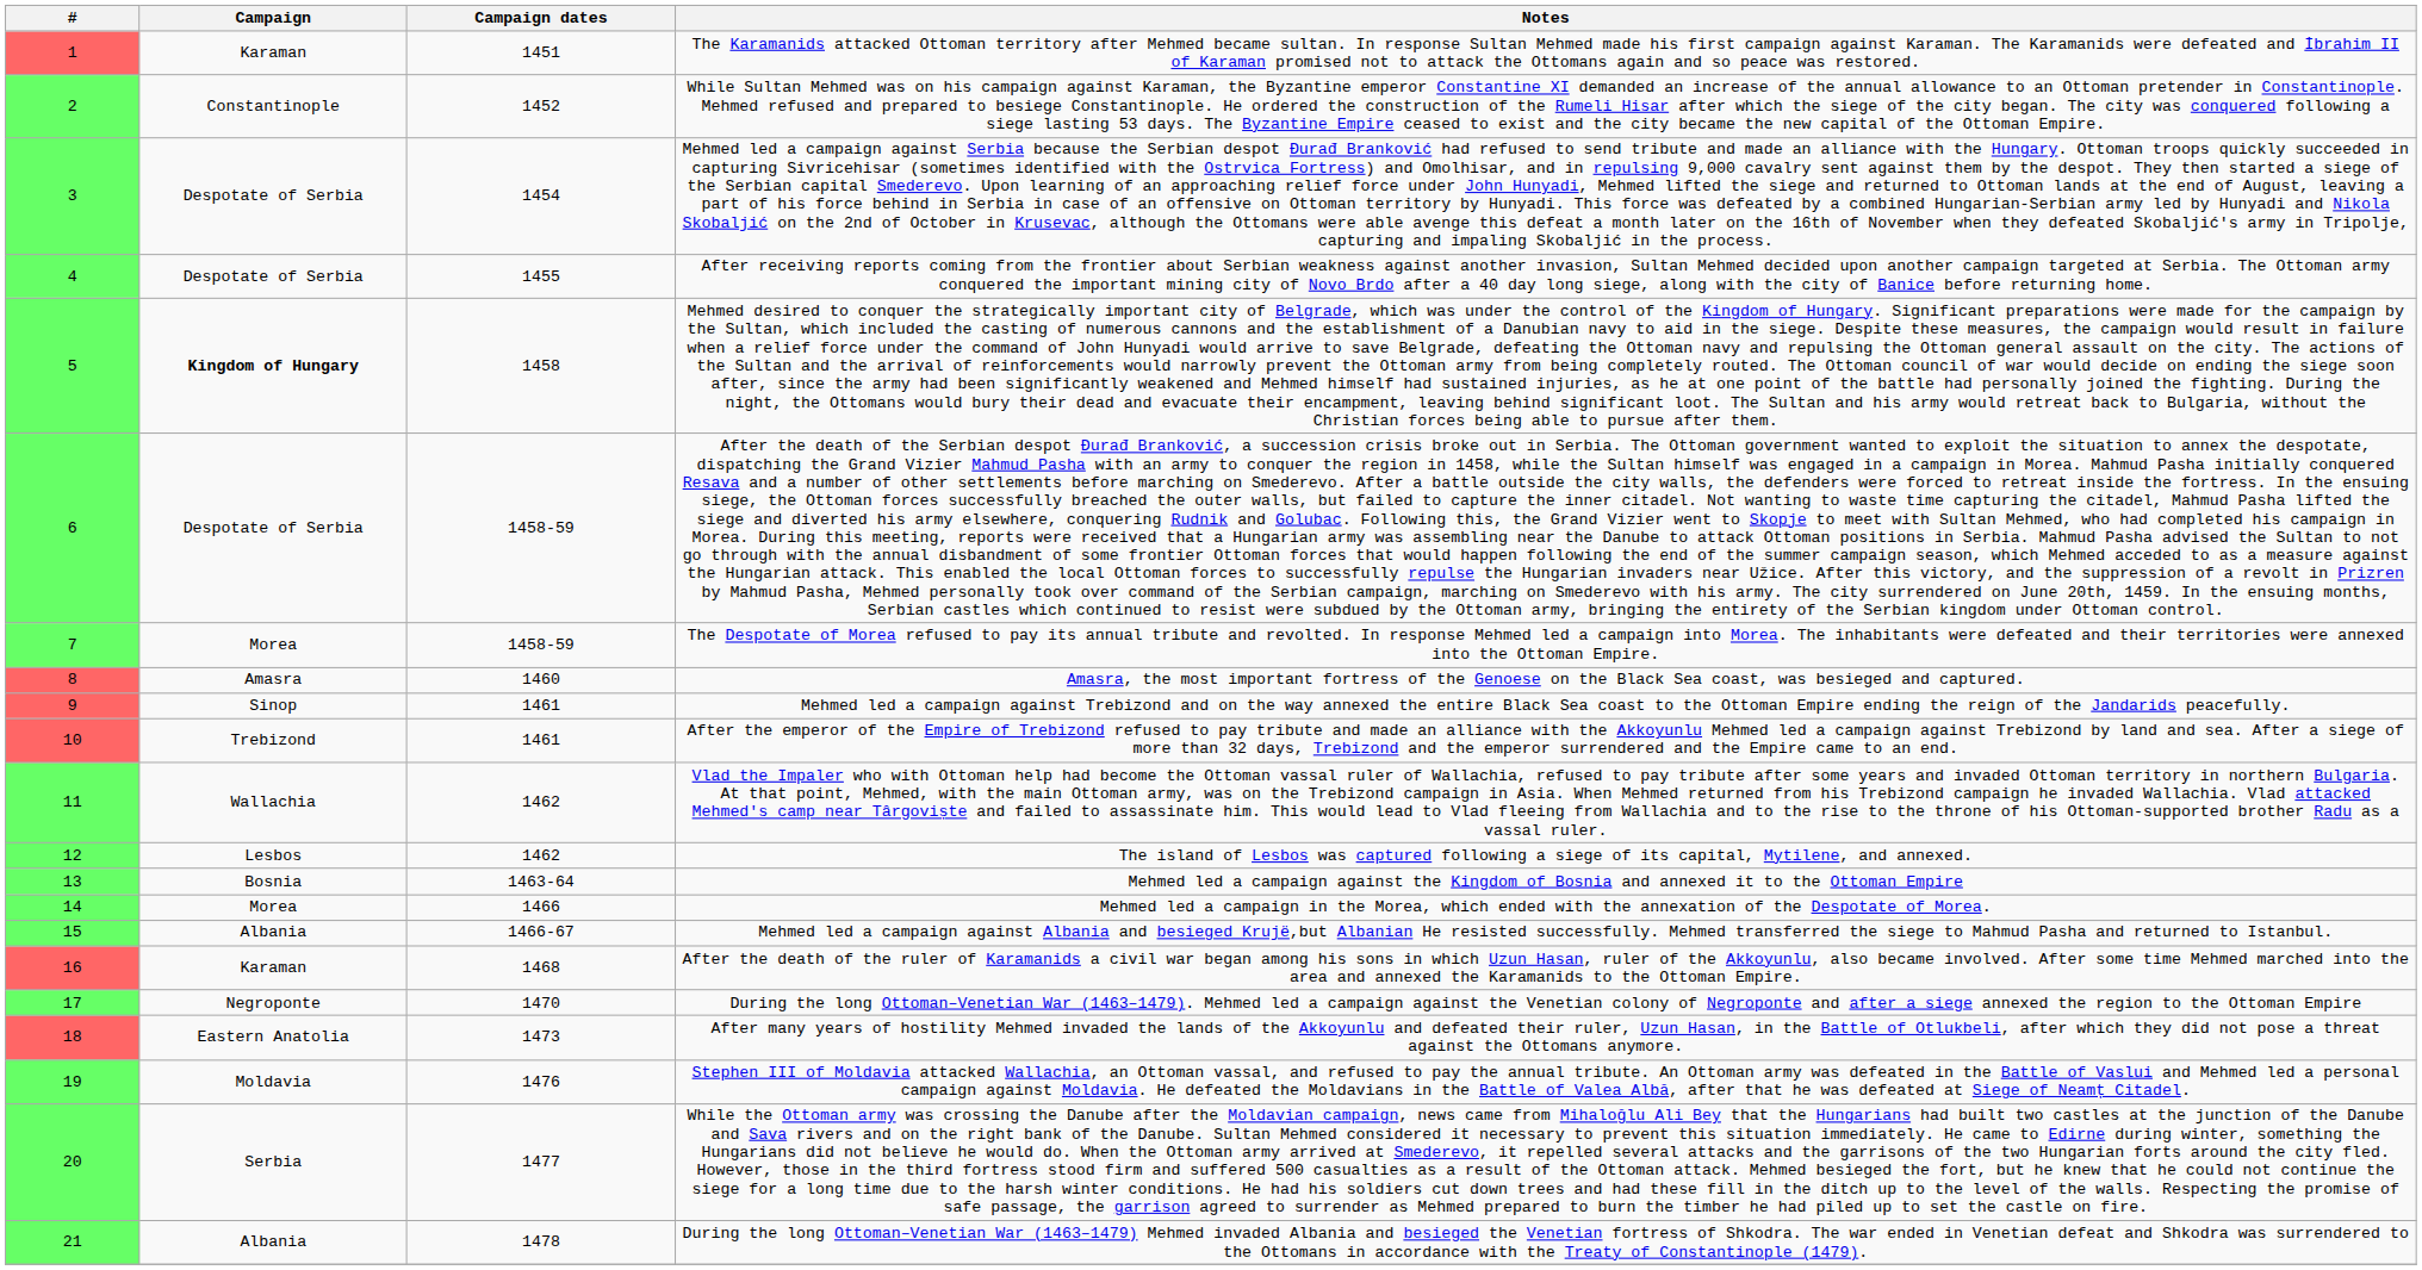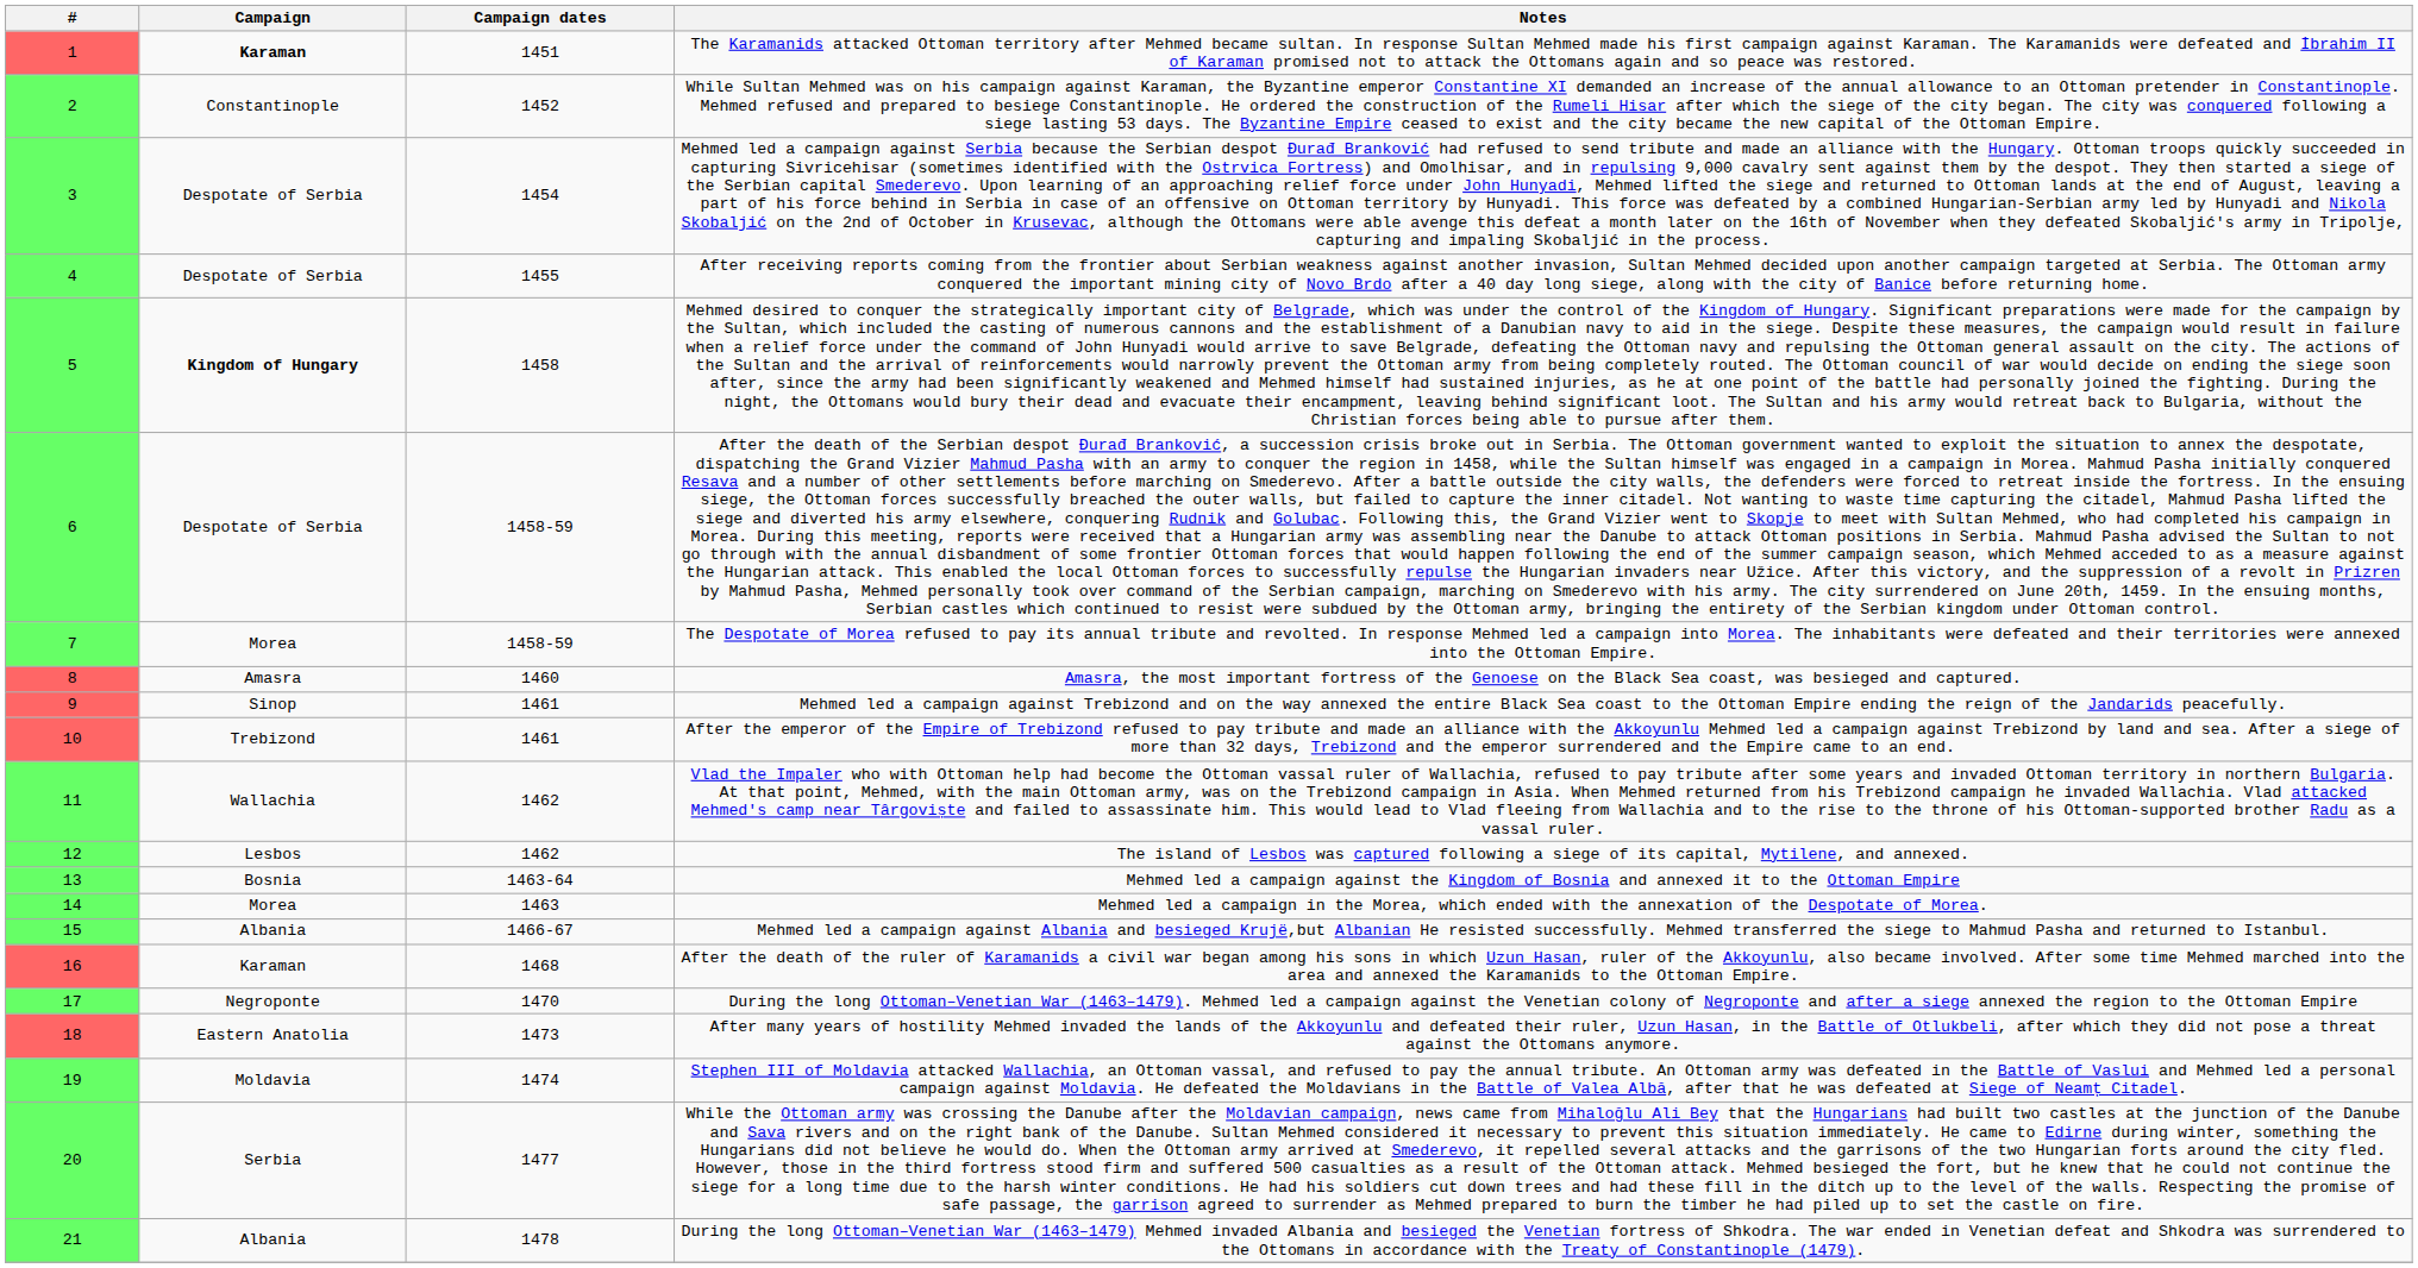 <table class="wikitable sortable" border="1" style="width:100%; text-align:center;">
 <tr>
 <th width="5%">#</th>
 <th width="10%">Campaign</th>
 <th width="10%">Campaign dates</th>
 <th class="unsortable" width="65%">Notes</th>
 </tr>
 <tr>
 <td bgcolor="#FF6666">1</td>
-<td>Karaman</td>
+<td><strong>Karaman</strong></td>
 <td>1451</td>
 <td>The <a href='#'>Karamanids</a> attacked Ottoman territory after Mehmed became sultan. In response Sultan Mehmed made his first campaign against Karaman. The Karamanids were defeated and <a href='#'>İbrahim II of Karaman</a> promised not to attack the Ottomans again and so peace was restored.</td>
 </tr>
 <tr>
 <td bgcolor="#66FF66">2</td>
 <td>Constantinople</td>
 <td>1452</td>
 <td>While Sultan Mehmed was on his campaign against Karaman, the Byzantine emperor <a href='#'>Constantine XI</a> demanded an increase of the annual allowance to an Ottoman pretender in <a href='#'>Constantinople</a>. Mehmed refused and prepared to besiege Constantinople. He ordered the construction of the <a href='#'>Rumeli Hisar</a> after which the siege of the city began. The city was <a href='#'>conquered</a> following a siege lasting 53 days. The <a href='#'>Byzantine Empire</a> ceased to exist and the city became the new capital of the Ottoman Empire.</td>
 </tr>
 <tr>
 <td bgcolor="#66FF66">3</td>
 <td>Despotate of Serbia</td>
 <td>1454</td>
 <td>Mehmed led a campaign against <a href='#'>Serbia</a> because the Serbian despot <a href='#'>Đurađ Branković</a> had refused to send tribute and made an alliance with the <a href='#'>Hungary</a>. Ottoman troops quickly succeeded in capturing Sivricehisar (sometimes identified with the <a href='#'>Ostrvica Fortress</a>) and Omolhisar, and in <a href='#'>repulsing</a> 9,000 cavalry sent against them by the despot. They then started a siege of the Serbian capital <a href='#'>Smederevo</a>. Upon learning of an approaching relief force under <a href='#'>John Hunyadi</a>, Mehmed lifted the siege and returned to Ottoman lands at the end of August, leaving a part of his force behind in Serbia in case of an offensive on Ottoman territory by Hunyadi. This force was defeated by a combined Hungarian-Serbian army led by Hunyadi and <a href='#'>Nikola Skobaljić</a> on the 2nd of October in <a href='#'>Krusevac</a>, although the Ottomans were able avenge this defeat a month later on the 16th of November when they defeated Skobaljić's army in Tripolje, capturing and impaling Skobaljić in the process.</td>
 </tr>
 <tr>
 <td bgcolor="#66FF66">4</td>
 <td>Despotate of Serbia</td>
 <td>1455</td>
 <td>After receiving reports coming from the frontier about Serbian weakness against another invasion, Sultan Mehmed decided upon another campaign targeted at Serbia. The Ottoman army conquered the important mining city of <a href='#'>Novo Brdo</a> after a 40 day long siege, along with the city of <a href='#'>Banice</a> before returning home.</td>
 </tr>
 <tr>
 <td bgcolor="#66FF66">5</td>
 <td><strong>Kingdom of Hungary</strong></td>
 <td>1458</td>
 <td>Mehmed desired to conquer the strategically important city of <a href='#'>Belgrade</a>, which was under the control of the <a href='#'>Kingdom of Hungary</a>. Significant preparations were made for the campaign by the Sultan, which included the casting of numerous cannons and the establishment of a Danubian navy to aid in the siege. Despite these measures, the campaign would result in failure when a relief force under the command of John Hunyadi would arrive to save Belgrade, defeating the Ottoman navy and repulsing the Ottoman general assault on the city. The actions of the Sultan and the arrival of reinforcements would narrowly prevent the Ottoman army from being completely routed. The Ottoman council of war would decide on ending the siege soon after, since the army had been significantly weakened and Mehmed himself had sustained injuries, as he at one point of the battle had personally joined the fighting. During the night, the Ottomans would bury their dead and evacuate their encampment, leaving behind significant loot. The Sultan and his army would retreat back to Bulgaria, without the Christian forces being able to pursue after them.</td>
 </tr>
 <tr>
 <td bgcolor="#66FF66">6</td>
 <td>Despotate of Serbia</td>
 <td>1458-59</td>
 <td>After the death of the Serbian despot <a href='#'>Đurađ Branković</a>, a succession crisis broke out in Serbia. The Ottoman government wanted to exploit the situation to annex the despotate, dispatching the Grand Vizier <a href='#'>Mahmud Pasha</a> with an army to conquer the region in 1458, while the Sultan himself was engaged in a campaign in Morea. Mahmud Pasha initially conquered <a href='#'>Resava</a> and a number of other settlements before marching on Smederevo. After a battle outside the city walls, the defenders were forced to retreat inside the fortress. In the ensuing siege, the Ottoman forces successfully breached the outer walls, but failed to capture the inner citadel. Not wanting to waste time capturing the citadel, Mahmud Pasha lifted the siege and diverted his army elsewhere, conquering <a href='#'>Rudnik</a> and <a href='#'>Golubac</a>. Following this, the Grand Vizier went to <a href='#'>Skopje</a> to meet with Sultan Mehmed, who had completed his campaign in Morea. During this meeting, reports were received that a Hungarian army was assembling near the Danube to attack Ottoman positions in Serbia. Mahmud Pasha advised the Sultan to not go through with the annual disbandment of some frontier Ottoman forces that would happen following the end of the summer campaign season, which Mehmed acceded to as a measure against the Hungarian attack. This enabled the local Ottoman forces to successfully <a href='#'>repulse</a> the Hungarian invaders near Užice. After this victory, and the suppression of a revolt in <a href='#'>Prizren</a> by Mahmud Pasha, Mehmed personally took over command of the Serbian campaign, marching on Smederevo with his army. The city surrendered on June 20th, 1459. In the ensuing months, Serbian castles which continued to resist were subdued by the Ottoman army, bringing the entirety of the Serbian kingdom under Ottoman control.</td>
 </tr>
 <tr>
 <td bgcolor="#66FF66">7</td>
 <td>Morea</td>
 <td>1458-59</td>
 <td>The <a href='#'>Despotate of Morea</a> refused to pay its annual tribute and revolted. In response Mehmed led a campaign into <a href='#'>Morea</a>. The inhabitants were defeated and their territories were annexed into the Ottoman Empire.</td>
 </tr>
 <tr>
 <td bgcolor="#FF6666">8</td>
 <td>Amasra</td>
 <td>1460</td>
 <td><a href='#'>Amasra</a>, the most important fortress of the <a href='#'>Genoese</a> on the Black Sea coast, was besieged and captured.</td>
 </tr>
 <tr>
 <td bgcolor="#FF6666">9</td>
 <td>Sinop</td>
 <td>1461</td>
 <td>Mehmed led a campaign against Trebizond and on the way annexed the entire Black Sea coast to the Ottoman Empire ending the reign of the <a href='#'>Jandarids</a> peacefully.</td>
 </tr>
 <tr>
 <td bgcolor="#FF6666">10</td>
 <td>Trebizond</td>
 <td>1461</td>
 <td>After the emperor of the <a href='#'>Empire of Trebizond</a> refused to pay tribute and made an alliance with the <a href='#'>Akkoyunlu</a> Mehmed led a campaign against Trebizond by land and sea. After a siege of more than 32 days, <a href='#'>Trebizond</a> and the emperor surrendered and the Empire came to an end.</td>
 </tr>
 <tr>
 <td bgcolor="#66FF66">11</td>
 <td>Wallachia</td>
 <td>1462</td>
 <td><a href='#'>Vlad the Impaler</a> who with Ottoman help had become the Ottoman vassal ruler of Wallachia, refused to pay tribute after some years and invaded Ottoman territory in northern <a href='#'>Bulgaria</a>. At that point, Mehmed, with the main Ottoman army, was on the Trebizond campaign in Asia. When Mehmed returned from his Trebizond campaign he invaded Wallachia. Vlad <a href='#'>attacked Mehmed's camp near Târgoviște</a> and failed to assassinate him. This would lead to Vlad fleeing from Wallachia and to the rise to the throne of his Ottoman-supported brother <a href='#'>Radu</a> as a vassal ruler.</td>
 </tr>
 <tr>
 <td bgcolor=#66FF66>12</td>
 <td>Lesbos</td>
 <td>1462</td>
 <td>The island of <a href='#'>Lesbos</a> was <a href='#'>captured</a> following a siege of its capital, <a href='#'>Mytilene</a>, and annexed.</td>
 </tr>
 <tr>
 <td bgcolor="#66FF66">13</td>
 <td>Bosnia</td>
 <td>1463-64</td>
 <td>Mehmed led a campaign against the <a href='#'>Kingdom of Bosnia</a> and annexed it to the <a href='#'>Ottoman Empire</a></td>
 </tr>
 <tr>
 <td bgcolor="#66FF66">14</td>
 <td>Morea</td>
-<td>1466</td>
+<td>1463</td>
 <td>Mehmed led a campaign in the Morea, which ended with the annexation of the <a href='#'>Despotate of Morea</a>.</td>
 </tr>
 <tr>
 <td bgcolor="#66FF66">15</td>
 <td>Albania</td>
 <td>1466-67</td>
 <td>Mehmed led a campaign against <a href='#'>Albania</a> and <a href='#'>besieged Krujë</a>,but <a href='#'>Albanian</a>  He resisted successfully. Mehmed transferred the siege to Mahmud Pasha and returned to Istanbul.</td>
 </tr>
 <tr>
 <td bgcolor="#FF6666">16</td>
 <td>Karaman</td>
 <td>1468</td>
 <td>After the death of the ruler of <a href='#'>Karamanids</a> a civil war began among his sons in which <a href='#'>Uzun Hasan</a>, ruler of the <a href='#'>Akkoyunlu</a>, also became involved. After some time Mehmed marched into the area and annexed the Karamanids to the Ottoman Empire.</td>
 </tr>
 <tr>
 <td bgcolor="#66FF66">17</td>
 <td>Negroponte</td>
 <td>1470</td>
 <td>During the long <a href='#'>Ottoman–Venetian War (1463–1479)</a>. Mehmed led a campaign against the Venetian colony of <a href='#'>Negroponte</a> and <a href='#'>after a siege</a> annexed the region to the Ottoman Empire</td>
 </tr>
 <tr>
 <td bgcolor="#FF6666">18</td>
 <td>Eastern Anatolia</td>
 <td>1473</td>
 <td>After many years of hostility Mehmed invaded the lands of the <a href='#'>Akkoyunlu</a> and defeated their ruler, <a href='#'>Uzun Hasan</a>, in the <a href='#'>Battle of Otlukbeli</a>, after which they did not pose a threat against the Ottomans anymore.</td>
 </tr>
 <tr>
 <td bgcolor="#66FF66">19</td>
 <td>Moldavia</td>
-<td>1476</td>
+<td>1474</td>
 <td><a href='#'>Stephen III of Moldavia</a> attacked <a href='#'>Wallachia</a>, an Ottoman vassal, and refused to pay the annual tribute. An Ottoman army was defeated in the <a href='#'>Battle of Vaslui</a> and Mehmed led a personal campaign against <a href='#'>Moldavia</a>. He defeated the Moldavians in the <a href='#'>Battle of Valea Albă</a>, after that he was defeated at <a href='#'>Siege of Neamț Citadel</a>.</td>
 </tr>
 <tr>
 <td bgcolor="#66FF66">20</td>
 <td>Serbia</td>
 <td>1477</td>
 <td>While the <a href='#'>Ottoman army</a> was crossing the Danube after the <a href='#'>Moldavian campaign</a>, news came from <a href='#'>Mihaloğlu Ali Bey</a> that the <a href='#'>Hungarians</a> had built two castles at the junction of the Danube and <a href='#'>Sava</a> rivers and on the right bank of the Danube. Sultan Mehmed considered it necessary to prevent this situation immediately. He came to <a href='#'>Edirne</a> during winter, something the Hungarians did not believe he would do. When the Ottoman army arrived at <a href='#'>Smederevo</a>, it repelled several attacks and the garrisons of the two Hungarian forts around the city fled. However, those in the third fortress stood firm and suffered 500 casualties as a result of the Ottoman attack. Mehmed besieged the fort, but he knew that he could not continue the siege for a long time due to the harsh winter conditions. He had his soldiers cut down trees and had these fill in the ditch up to the level of the walls. Respecting the promise of safe passage, the <a href='#'>garrison</a> agreed to surrender as Mehmed prepared to burn the timber he had piled up to set the castle on fire.</td>
 </tr>
 <tr>
 <td bgcolor="#66FF66">21</td>
 <td>Albania</td>
 <td>1478</td>
 <td>During the long <a href='#'>Ottoman–Venetian War (1463–1479)</a> Mehmed invaded Albania and <a href='#'>besieged</a> the <a href='#'>Venetian</a> fortress of Shkodra. The war ended in Venetian defeat and Shkodra was surrendered to the Ottomans in accordance with the <a href='#'>Treaty of Constantinople (1479)</a>.</td>
 </tr>
 <tr>
 </tr>
 </table>
